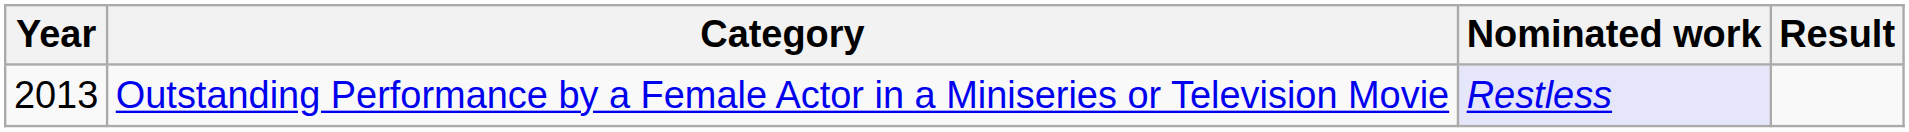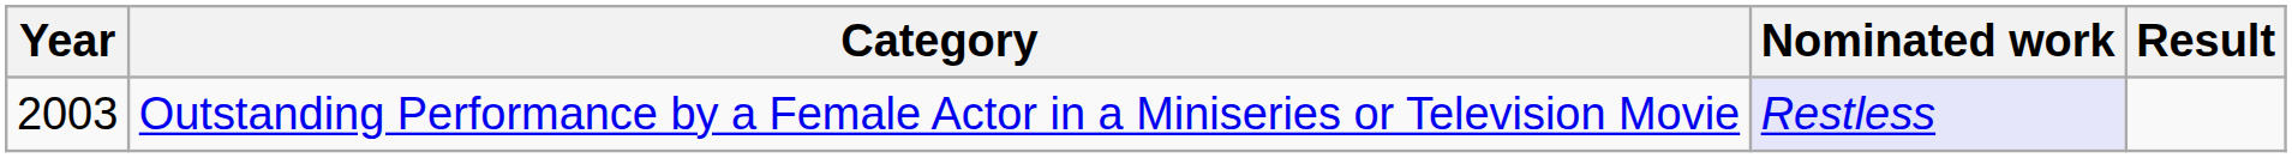 <table class="wikitable sortable">
 <tr>
 <th>Year</th>
 <th>Category</th>
 <th>Nominated work</th>
 <th>Result</th>
 </tr>
 <tr>
-<td>2013</td>
+<td>2003</td>
 <td><a href='#'>Outstanding Performance by a Female Actor in a Miniseries or Television Movie</a></td>
 <td style="background: lavender;"><em><a href='#'>Restless</a></em></td>
 <td></td>
 </tr>
 </table>
